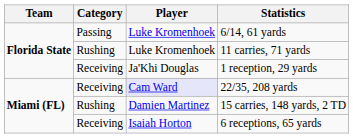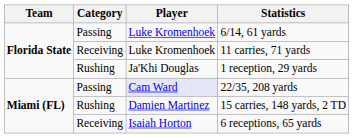 <table class="wikitable" style="float: right;">
 <tr>
 <th>Team</th>
 <th>Category</th>
 <th>Player</th>
 <th>Statistics</th>
 </tr>
 <tr>
 <td rowspan=3><strong>Florida State</strong></td>
 <td>Passing</td>
 <td><a href='#'>Luke Kromenhoek</a></td>
 <td>6/14, 61 yards</td>
 </tr>
 <tr>
-<td>Rushing</td>
+<td>Receiving</td>
 <td>Luke Kromenhoek</td>
 <td>11 carries, 71 yards</td>
 </tr>
 <tr>
-<td>Receiving</td>
+<td>Rushing</td>
 <td>Ja'Khi Douglas</td>
 <td>1 reception, 29 yards</td>
 </tr>
 <tr>
 <td rowspan=3><strong>Miami (FL)</strong></td>
-<td>Receiving</td>
+<td>Passing</td>
 <td style="background: lavender;"><a href='#'>Cam Ward</a></td>
 <td>22/35, 208 yards</td>
 </tr>
 <tr>
 <td>Rushing</td>
 <td><a href='#'>Damien Martinez</a></td>
 <td>15 carries, 148 yards, 2 TD</td>
 </tr>
 <tr>
 <td>Receiving</td>
 <td><a href='#'>Isaiah Horton</a></td>
 <td>6 receptions, 65 yards</td>
 </tr>
 </table>
